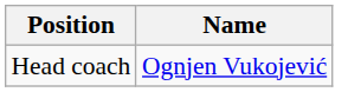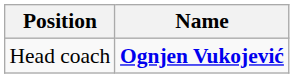 <table class="wikitable" style="text-align:center;">
 <tr>
 <th>Position</th>
 <th>Name</th>
 </tr>
 <tr>
 <td style="text-align:left;">Head coach</td>
-<td style="text-align:left;"> <a href='#'>Ognjen Vukojević</a></td>
+<td style="text-align:left;"><strong> <a href='#'>Ognjen Vukojević</a></strong></td>
 </tr>
 </table>
